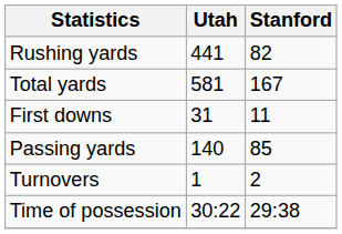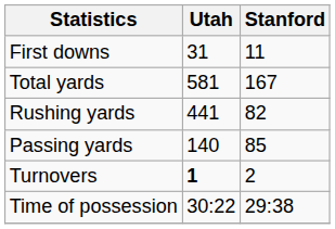 <table class="wikitable">
 <tr>
 <th>Statistics</th>
 <th>Utah</th>
 <th>Stanford</th>
 </tr>
 <tr>
-<td>Rushing yards</td>
-<td>441</td>
-<td>82</td>
+<td>First downs</td>
+<td>31</td>
+<td>11</td>
 </tr>
 <tr>
 <td>Total yards</td>
 <td>581</td>
 <td>167</td>
 </tr>
 <tr>
-<td>First downs</td>
-<td>31</td>
-<td>11</td>
+<td>Rushing yards</td>
+<td>441</td>
+<td>82</td>
 </tr>
 <tr>
 <td>Passing yards</td>
 <td>140</td>
 <td>85</td>
 </tr>
 <tr>
 <td>Turnovers</td>
-<td>1</td>
+<td><strong>1</strong></td>
 <td>2</td>
 </tr>
 <tr>
 <td>Time of possession</td>
 <td>30:22</td>
 <td>29:38</td>
 </tr>
 <tr>
 </tr>
 </table>
